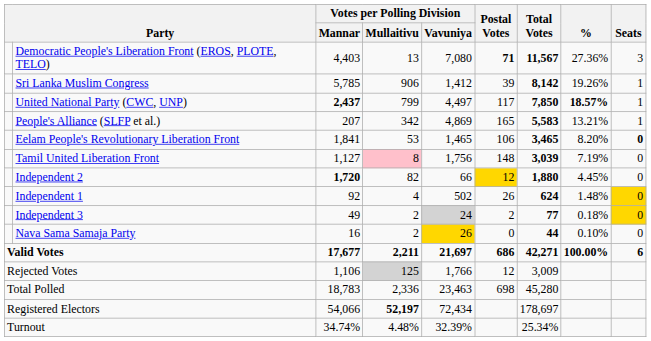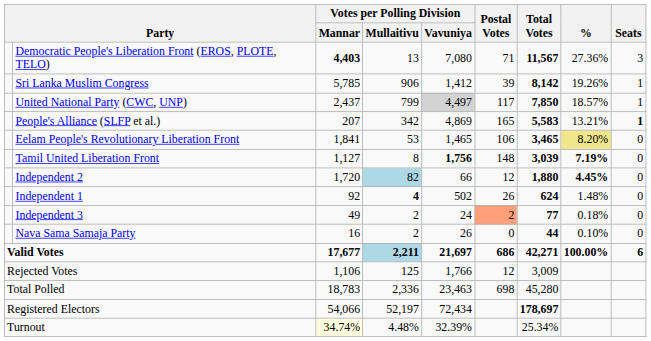 <table class="wikitable" border="1" style="text-align:right;">
 <tr>
 <th align=left valign=bottom rowspan=2 colspan=2>Party</th>
 <th colspan=3>Votes per Polling Division</th>
 <th align=center valign=bottom rowspan=2 width="50">Postal<br>Votes</th>
 <th align=center valign=bottom rowspan=2 width="50">Total Votes</th>
 <th align=center valign=bottom rowspan=2 width="50">%</th>
 <th align=center valign=bottom rowspan=2 width="40">Seats</th>
 </tr>
 <tr>
 <th align=center valign=bottom width="50">Mannar</th>
 <th align=center valign=bottom width="50">Mullaitivu</th>
 <th align=center valign=bottom width="50">Vavuniya</th>
 </tr>
 <tr>
 <td bgcolor=> </td>
 <td align=left><a href='#'>Democratic People's Liberation Front</a> (<a href='#'>EROS</a>, <a href='#'>PLOTE</a>, <a href='#'>TELO</a>)</td>
-<td>4,403</td>
+<td><strong>4,403</strong></td>
 <td>13</td>
 <td>7,080</td>
-<td><strong>71</strong></td>
+<td>71</td>
 <td><strong>11,567</strong></td>
 <td>27.36%</td>
 <td>3</td>
 </tr>
 <tr>
 <td bgcolor=> </td>
 <td align=left><a href='#'>Sri Lanka Muslim Congress</a></td>
 <td>5,785</td>
 <td>906</td>
 <td>1,412</td>
 <td>39</td>
 <td><strong>8,142</strong></td>
 <td>19.26%</td>
 <td>1</td>
 </tr>
 <tr>
 <td bgcolor=> </td>
 <td align=left><a href='#'>United National Party</a> (<a href='#'>CWC</a>, <a href='#'>UNP</a>)</td>
-<td><strong>2,437</strong></td>
+<td>2,437</td>
 <td>799</td>
-<td>4,497</td>
+<td style="background: lightgrey;">4,497</td>
 <td>117</td>
 <td><strong>7,850</strong></td>
-<td><strong>18.57%</strong></td>
+<td>18.57%</td>
 <td>1</td>
 </tr>
 <tr>
 <td bgcolor=> </td>
 <td align=left><a href='#'>People's Alliance</a> (<a href='#'>SLFP</a> et al.)</td>
 <td>207</td>
 <td>342</td>
 <td>4,869</td>
 <td>165</td>
 <td><strong>5,583</strong></td>
 <td>13.21%</td>
-<td>1</td>
+<td><strong>1</strong></td>
 </tr>
 <tr>
 <td bgcolor=> </td>
 <td align=left><a href='#'>Eelam People's Revolutionary Liberation Front</a></td>
 <td>1,841</td>
 <td>53</td>
 <td>1,465</td>
 <td>106</td>
 <td><strong>3,465</strong></td>
-<td>8.20%</td>
-<td><strong>0</strong></td>
+<td style="background: khaki;">8.20%</td>
+<td>0</td>
 </tr>
 <tr>
 <td bgcolor=> </td>
 <td align=left><a href='#'>Tamil United Liberation Front</a></td>
 <td>1,127</td>
-<td style="background: pink;">8</td>
-<td>1,756</td>
+<td>8</td>
+<td><strong>1,756</strong></td>
 <td>148</td>
 <td><strong>3,039</strong></td>
-<td>7.19%</td>
+<td><strong>7.19%</strong></td>
 <td>0</td>
 </tr>
 <tr>
 <td bgcolor=> </td>
 <td align=left><a href='#'>Independent 2</a></td>
-<td><strong>1,720</strong></td>
-<td>82</td>
+<td>1,720</td>
+<td style="background: lightblue;">82</td>
 <td>66</td>
-<td style="background: gold;">12</td>
+<td>12</td>
 <td><strong>1,880</strong></td>
-<td>4.45%</td>
+<td><strong>4.45%</strong></td>
 <td>0</td>
 </tr>
 <tr>
 <td bgcolor=> </td>
 <td align=left><a href='#'>Independent 1</a></td>
 <td>92</td>
-<td>4</td>
+<td><strong>4</strong></td>
 <td>502</td>
 <td>26</td>
 <td><strong>624</strong></td>
 <td>1.48%</td>
-<td style="background: gold;">0</td>
+<td>0</td>
 </tr>
 <tr>
 <td bgcolor=> </td>
 <td align=left><a href='#'>Independent 3</a></td>
 <td>49</td>
 <td>2</td>
-<td style="background: lightgrey;">24</td>
-<td>2</td>
+<td>24</td>
+<td style="background: lightsalmon;">2</td>
 <td><strong>77</strong></td>
 <td>0.18%</td>
-<td style="background: gold;">0</td>
+<td>0</td>
 </tr>
 <tr>
 <td bgcolor=> </td>
 <td align=left><a href='#'>Nava Sama Samaja Party</a></td>
 <td>16</td>
 <td>2</td>
-<td style="background: gold;">26</td>
+<td>26</td>
 <td>0</td>
 <td><strong>44</strong></td>
 <td>0.10%</td>
 <td>0</td>
 </tr>
 <tr>
 <td align=left colspan=2><strong>Valid Votes</strong></td>
 <td><strong>17,677</strong></td>
-<td><strong>2,211</strong></td>
+<td style="background: lightblue;"><strong>2,211</strong></td>
 <td><strong>21,697</strong></td>
 <td><strong>686</strong></td>
 <td><strong>42,271</strong></td>
 <td><strong>100.00%</strong></td>
 <td><strong>6</strong></td>
 </tr>
 <tr>
 <td align=left colspan=2>Rejected Votes</td>
 <td>1,106</td>
-<td style="background: lightgrey;">125</td>
+<td>125</td>
 <td>1,766</td>
 <td>12</td>
 <td>3,009</td>
 <td></td>
 <td></td>
 </tr>
 <tr>
 <td align=left colspan=2>Total Polled</td>
 <td>18,783</td>
 <td>2,336</td>
 <td>23,463</td>
 <td>698</td>
 <td>45,280</td>
 <td></td>
 <td></td>
 </tr>
 <tr>
 <td align=left colspan=2>Registered Electors</td>
 <td>54,066</td>
-<td><strong>52,197</strong></td>
+<td>52,197</td>
 <td>72,434</td>
 <td></td>
-<td>178,697</td>
+<td><strong>178,697</strong></td>
 <td></td>
 <td></td>
 </tr>
 <tr>
 <td align=left colspan=2>Turnout</td>
-<td>34.74%</td>
+<td style="background: lightyellow;">34.74%</td>
 <td>4.48%</td>
 <td>32.39%</td>
 <td></td>
 <td>25.34%</td>
 <td></td>
 <td></td>
 </tr>
 </table>
